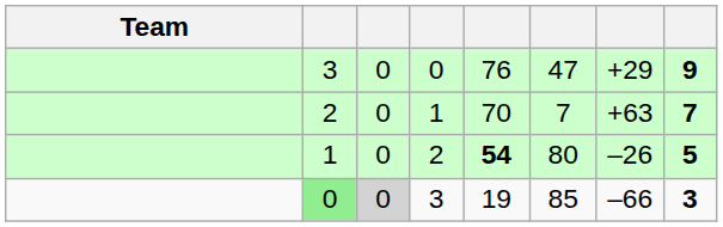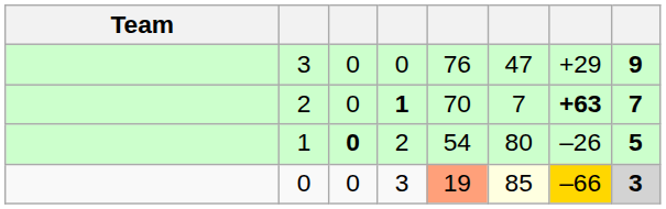 <table class="wikitable" style="text-align:center;">
 <tr>
 <th style="width:10.5em;">Team</th>
 <th style="width:1.5em;"></th>
 <th style="width:1.5em;"></th>
 <th style="width:1.5em;"></th>
 <th style="width:2.0em;"></th>
 <th style="width:2.0em;"></th>
 <th style="width:2.0em;"></th>
 <th style="width:1.5em;"></th>
 </tr>
 <tr bgcolor=#cfc>
 <td align="left"></td>
 <td>3</td>
 <td>0</td>
 <td>0</td>
 <td>76</td>
 <td>47</td>
 <td>+29</td>
 <td><strong>9</strong></td>
 </tr>
 <tr bgcolor=#cfc>
 <td align="left"></td>
 <td>2</td>
 <td>0</td>
-<td>1</td>
+<td><strong>1</strong></td>
 <td>70</td>
 <td>7</td>
-<td>+63</td>
+<td><strong>+63</strong></td>
 <td><strong>7</strong></td>
 </tr>
 <tr bgcolor=#cfc>
 <td align="left"></td>
 <td>1</td>
-<td>0</td>
+<td><strong>0</strong></td>
 <td>2</td>
-<td><strong>54</strong></td>
+<td>54</td>
 <td>80</td>
 <td>–26</td>
 <td><strong>5</strong></td>
 </tr>
 <tr>
 <td align="left"></td>
-<td style="background: lightgreen;">0</td>
-<td style="background: lightgrey;">0</td>
+<td>0</td>
+<td>0</td>
 <td>3</td>
-<td>19</td>
-<td>85</td>
-<td>–66</td>
-<td><strong>3</strong></td>
+<td style="background: lightsalmon;">19</td>
+<td style="background: lightyellow;">85</td>
+<td style="background: gold;">–66</td>
+<td style="background: lightgrey;"><strong>3</strong></td>
 </tr>
 </table>
